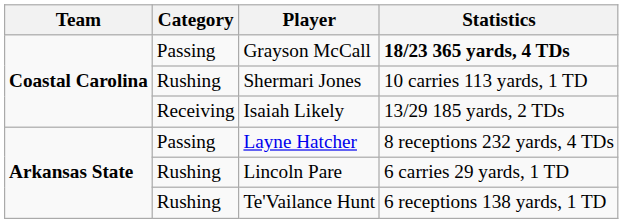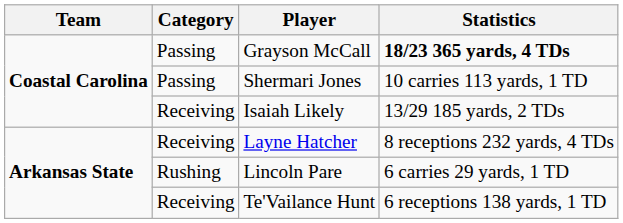 <table class="wikitable" style="float: left;">
 <tr>
 <th>Team</th>
 <th>Category</th>
 <th>Player</th>
 <th>Statistics</th>
 </tr>
 <tr>
 <td rowspan=3><strong>Coastal Carolina</strong></td>
 <td>Passing</td>
 <td>Grayson McCall</td>
 <td><strong>18/23 365 yards, 4 TDs</strong></td>
 </tr>
 <tr>
-<td>Rushing</td>
+<td>Passing</td>
 <td>Shermari Jones</td>
 <td>10 carries 113 yards, 1 TD</td>
 </tr>
 <tr>
 <td>Receiving</td>
 <td>Isaiah Likely</td>
 <td>13/29 185 yards, 2 TDs</td>
 </tr>
 <tr>
 <td rowspan=3><strong>Arkansas State</strong></td>
-<td>Passing</td>
+<td>Receiving</td>
 <td><a href='#'>Layne Hatcher</a></td>
 <td>8 receptions 232 yards, 4 TDs</td>
 </tr>
 <tr>
 <td>Rushing</td>
 <td>Lincoln Pare</td>
 <td>6 carries 29 yards, 1 TD</td>
 </tr>
 <tr>
-<td>Rushing</td>
+<td>Receiving</td>
 <td>Te'Vailance Hunt</td>
 <td>6 receptions 138 yards, 1 TD</td>
 </tr>
 </table>
